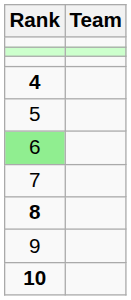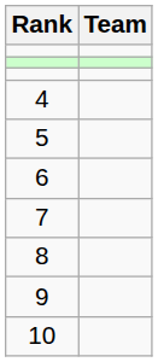 <table class="wikitable">
 <tr>
 <th>Rank</th>
 <th>Team</th>
 </tr>
 <tr>
 <td align=center></td>
 <td></td>
 </tr>
 <tr bgcolor=#ccffcc>
 <td align=center></td>
 <td></td>
 </tr>
 <tr>
 <td align=center></td>
 <td></td>
 </tr>
 <tr>
-<td align=center><strong>4</strong></td>
+<td align=center>4</td>
 <td></td>
 </tr>
 <tr>
 <td align=center>5</td>
 <td></td>
 </tr>
 <tr>
-<td align=center style="background: lightgreen;">6</td>
+<td align=center>6</td>
 <td></td>
 </tr>
 <tr>
 <td align=center>7</td>
 <td></td>
 </tr>
 <tr>
-<td align=center><strong>8</strong></td>
+<td align=center>8</td>
 <td></td>
 </tr>
 <tr>
 <td align=center>9</td>
 <td></td>
 </tr>
 <tr>
-<td align=center><strong>10</strong></td>
+<td align=center>10</td>
 <td></td>
 </tr>
 </table>
